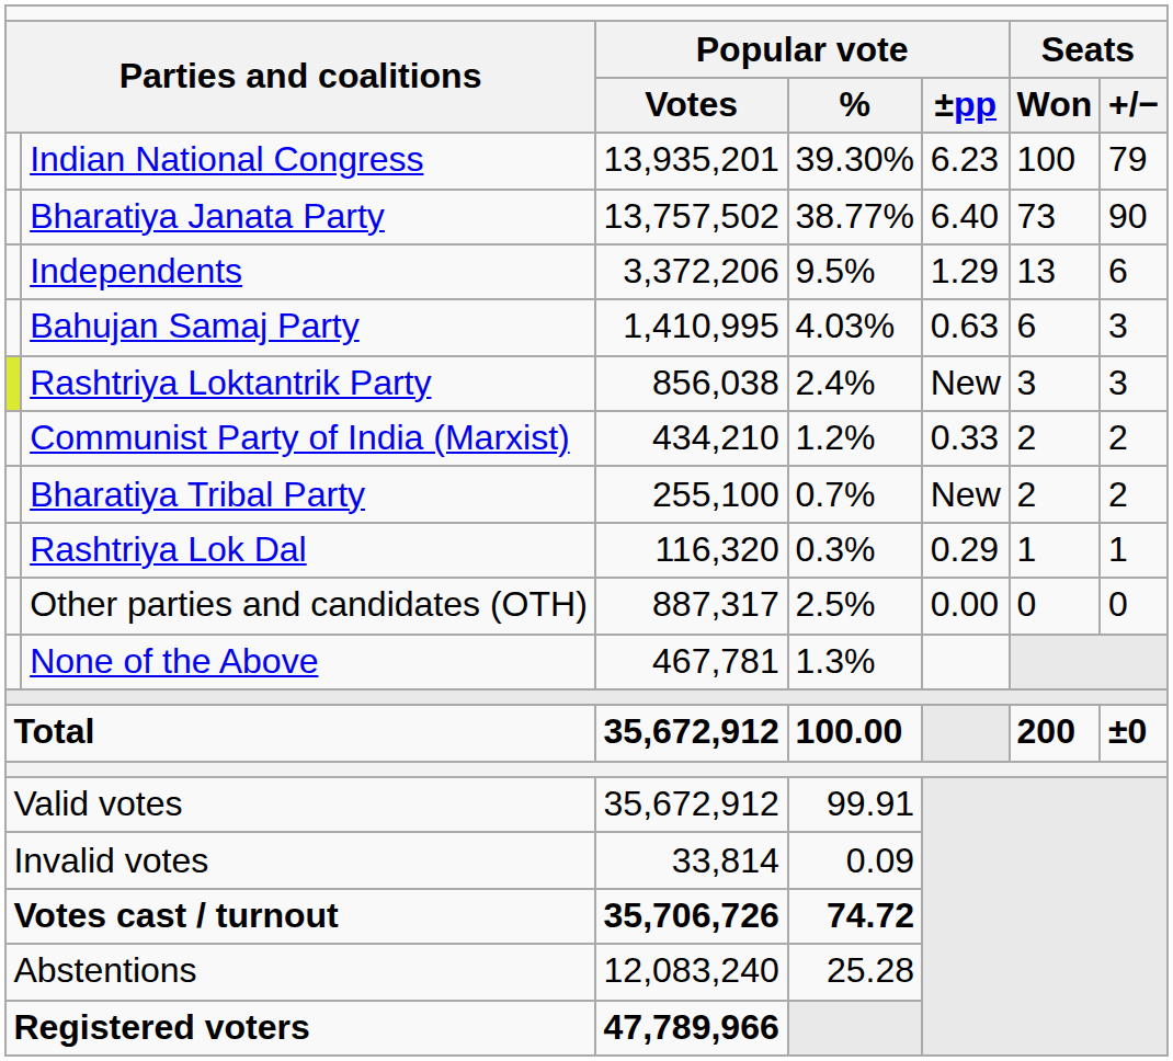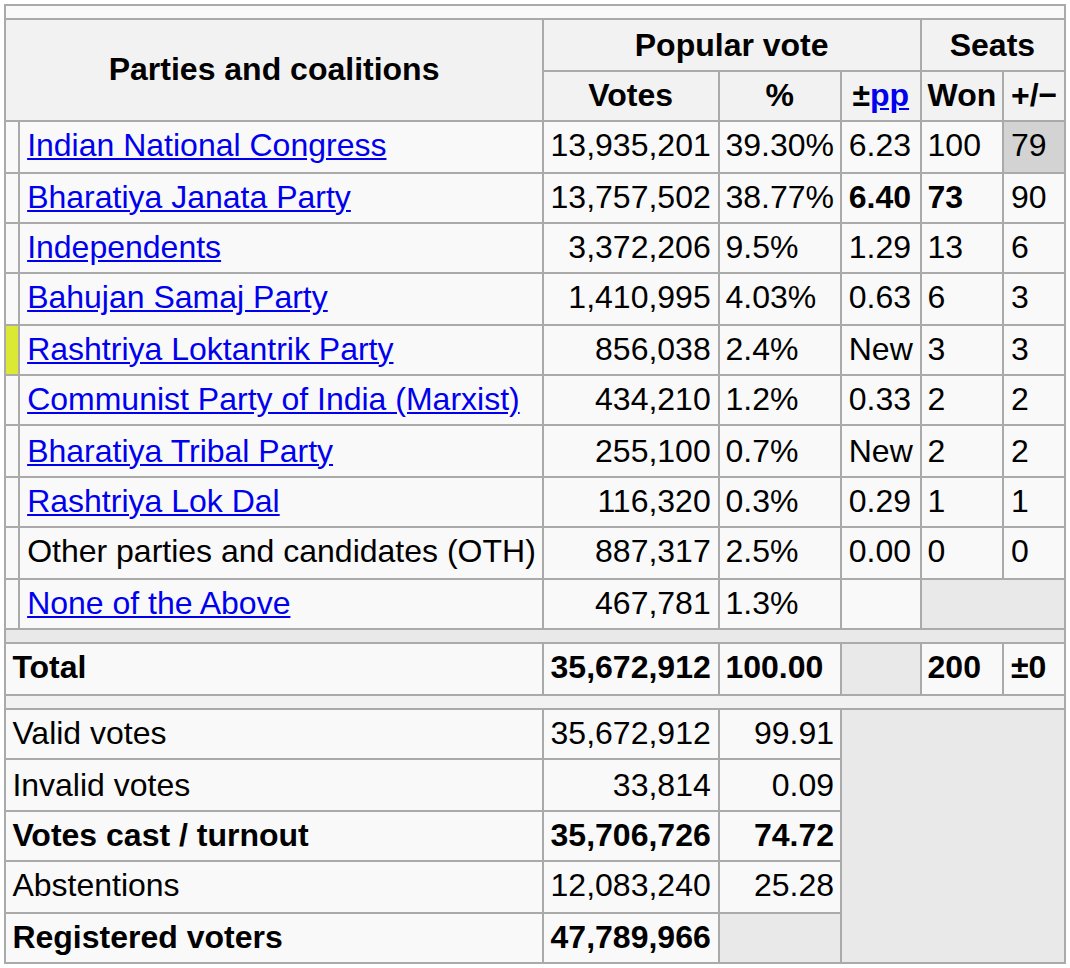 <table class="wikitable sortable">
 <tr>
 <td colspan=10 align=center></td>
 </tr>
 <tr>
 <th colspan="2" rowspan="2">Parties and coalitions</th>
 <th colspan="3">Popular vote</th>
 <th colspan="2">Seats</th>
 </tr>
 <tr>
 <th>Votes</th>
 <th>%</th>
 <th>±<a href='#'>pp</a></th>
 <th>Won</th>
 <th><strong>+/−</strong></th>
 </tr>
 <tr>
 <td></td>
 <td><a href='#'>Indian National Congress</a></td>
 <td align="right">13,935,201</td>
 <td>39.30%</td>
 <td>6.23</td>
 <td>100</td>
-<td>79</td>
+<td style="background: lightgrey;">79</td>
 </tr>
 <tr>
 <td></td>
 <td><a href='#'>Bharatiya Janata Party</a></td>
 <td align="right">13,757,502</td>
 <td>38.77%</td>
-<td>6.40</td>
-<td>73</td>
+<td><strong>6.40</strong></td>
+<td><strong>73</strong></td>
 <td>90</td>
 </tr>
 <tr>
 <td></td>
 <td><a href='#'>Independents</a></td>
 <td align="right">3,372,206</td>
 <td>9.5%</td>
 <td>1.29</td>
 <td>13</td>
 <td>6</td>
 </tr>
 <tr>
 <td></td>
 <td><a href='#'>Bahujan Samaj Party</a></td>
 <td align="right">1,410,995</td>
 <td>4.03%</td>
 <td>0.63</td>
 <td>6</td>
 <td>3</td>
 </tr>
 <tr>
 <td bgcolor=#dbe934></td>
 <td><a href='#'>Rashtriya Loktantrik Party</a></td>
 <td align="right">856,038</td>
 <td>2.4%</td>
 <td>New</td>
 <td>3</td>
 <td>3</td>
 </tr>
 <tr>
 <td></td>
 <td><a href='#'>Communist Party of India (Marxist)</a></td>
 <td align="right">434,210</td>
 <td>1.2%</td>
 <td>0.33</td>
 <td>2</td>
 <td>2</td>
 </tr>
 <tr>
 <td></td>
 <td><a href='#'>Bharatiya Tribal Party</a></td>
 <td align="right">255,100</td>
 <td>0.7%</td>
 <td>New</td>
 <td>2</td>
 <td>2</td>
 </tr>
 <tr>
 <td></td>
 <td><a href='#'>Rashtriya Lok Dal</a></td>
 <td align="right">116,320</td>
 <td>0.3%</td>
 <td>0.29</td>
 <td>1</td>
 <td>1</td>
 </tr>
 <tr>
 <td></td>
 <td>Other parties and candidates (OTH)</td>
 <td align="right">887,317</td>
 <td>2.5%</td>
 <td>0.00</td>
 <td>0</td>
 <td>0</td>
 </tr>
 <tr>
 <td></td>
 <td><a href='#'>None of the Above</a></td>
 <td align="right">467,781</td>
 <td>1.3%</td>
 <td></td>
 <td colspan="2" bgcolor="#E9E9E9"></td>
 </tr>
 <tr>
 <td colspan="7" bgcolor="#E9E9E9"></td>
 </tr>
 <tr style="font-weight:bold;">
 <td align="left" colspan="2">Total</td>
 <td align="right">35,672,912</td>
 <td>100.00</td>
 <td bgcolor="#E9E9E9"></td>
 <td>200</td>
 <td>±0</td>
 </tr>
 <tr>
 </tr>
 <tr>
 <th colspan="9"></th>
 </tr>
 <tr>
 <td style="text-align:left;" colspan="2">Valid votes</td>
 <td align="right">35,672,912</td>
 <td align="right">99.91</td>
 <td colspan="4" rowspan="5" style="background-color:#E9E9E9"></td>
 </tr>
 <tr>
 <td style="text-align:left;" colspan="2">Invalid votes</td>
 <td align="right">33,814</td>
 <td align="right">0.09</td>
 </tr>
 <tr>
 <td style="text-align:left;" colspan="2"><strong>Votes cast / turnout</strong></td>
 <td align="right"><strong>35,706,726</strong></td>
 <td align="right"><strong>74.72</strong></td>
 </tr>
 <tr>
 <td style="text-align:left;" colspan="2">Abstentions</td>
 <td align="right">12,083,240</td>
 <td align="right">25.28</td>
 </tr>
 <tr>
 <td style="text-align:left;" colspan="2"><strong>Registered voters</strong></td>
 <td align="right"><strong>47,789,966</strong></td>
 <td colspan="1" style="background-color:#E9E9E9"></td>
 </tr>
 <tr>
 </tr>
 </table>
